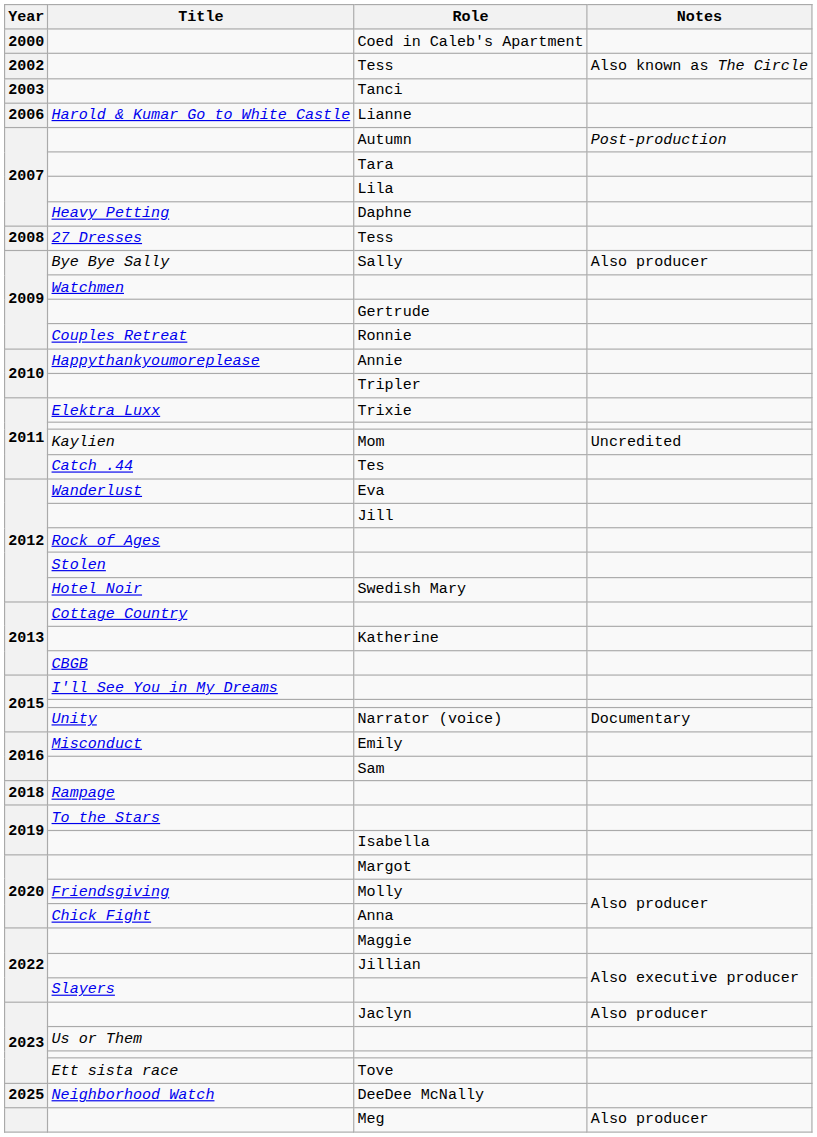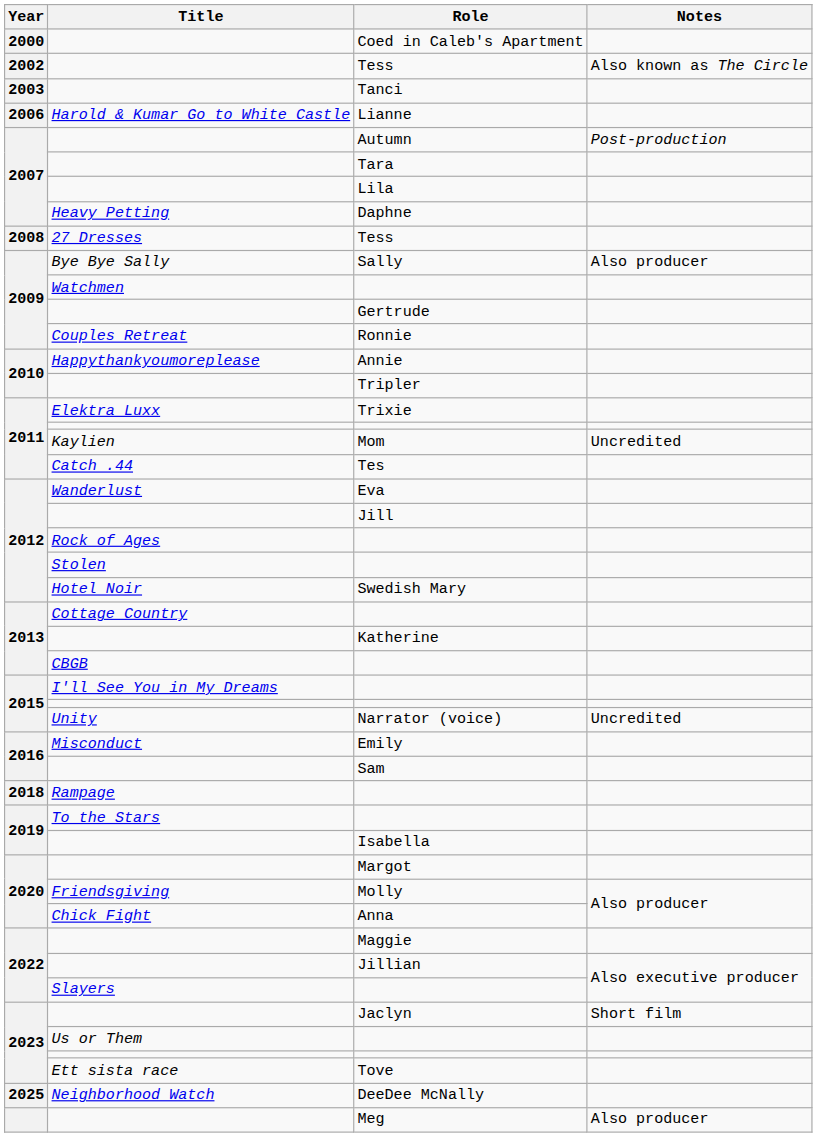 <table class="wikitable plainrowheaders sortable">
 <tr>
 <th scope="col">Year</th>
 <th scope="col">Title</th>
 <th scope="col">Role</th>
 <th scope="col" class="unsortable">Notes</th>
 </tr>
 <tr>
 <th scope=row>2000</th>
 <td><em></em></td>
 <td>Coed in Caleb's Apartment</td>
 <td></td>
 </tr>
 <tr>
 <th scope=row>2002</th>
 <td><em></em></td>
 <td>Tess</td>
 <td>Also known as <em>The Circle</em></td>
 </tr>
 <tr>
 <th scope=row>2003</th>
 <td><em></em></td>
 <td>Tanci</td>
 <td></td>
 </tr>
 <tr>
 <th scope=row>2006</th>
 <td><em><a href='#'>Harold & Kumar Go to White Castle</a></em></td>
 <td>Lianne</td>
 <td></td>
 </tr>
 <tr>
 <th scope="row" rowspan="4">2007</th>
 <td><em></em></td>
 <td>Autumn</td>
 <td><em>Post-production</em></td>
 </tr>
 <tr>
 <td><em></em></td>
 <td>Tara</td>
 <td></td>
 </tr>
 <tr>
 <td><em></em></td>
 <td>Lila</td>
 <td></td>
 </tr>
 <tr>
 <td><em><a href='#'>Heavy Petting</a></em></td>
 <td>Daphne</td>
 <td></td>
 </tr>
 <tr>
 <th scope="row">2008</th>
 <td><em><a href='#'>27 Dresses</a></em></td>
 <td>Tess</td>
 <td></td>
 </tr>
 <tr>
 <th scope="row" rowspan="4">2009</th>
 <td><em>Bye Bye Sally</em></td>
 <td>Sally</td>
 <td>Also producer</td>
 </tr>
 <tr>
 <td><em><a href='#'>Watchmen</a></em></td>
 <td></td>
 <td></td>
 </tr>
 <tr>
 <td><em></em></td>
 <td>Gertrude</td>
 <td></td>
 </tr>
 <tr>
 <td><em><a href='#'>Couples Retreat</a></em></td>
 <td>Ronnie</td>
 <td></td>
 </tr>
 <tr>
 <th scope="row" rowspan="2">2010</th>
 <td><em><a href='#'>Happythankyoumoreplease</a></em></td>
 <td>Annie</td>
 <td></td>
 </tr>
 <tr>
 <td><em></em></td>
 <td>Tripler</td>
 <td></td>
 </tr>
 <tr>
 <th scope="row" rowspan="4">2011</th>
 <td><em><a href='#'>Elektra Luxx</a></em></td>
 <td>Trixie</td>
 <td></td>
 </tr>
 <tr>
 <td><em></em></td>
 <td></td>
 <td></td>
 </tr>
 <tr>
 <td><em>Kaylien</em></td>
 <td>Mom</td>
 <td>Uncredited</td>
 </tr>
 <tr>
 <td><em><a href='#'>Catch .44</a></em></td>
 <td>Tes</td>
 <td></td>
 </tr>
 <tr>
 <th scope="row" rowspan="5">2012</th>
 <td><em><a href='#'>Wanderlust</a></em></td>
 <td>Eva</td>
 <td></td>
 </tr>
 <tr>
 <td><em></em></td>
 <td>Jill</td>
 <td></td>
 </tr>
 <tr>
 <td><em><a href='#'>Rock of Ages</a></em></td>
 <td></td>
 <td></td>
 </tr>
 <tr>
 <td><em><a href='#'>Stolen</a></em></td>
 <td></td>
 <td></td>
 </tr>
 <tr>
 <td><em><a href='#'>Hotel Noir</a></em></td>
 <td>Swedish Mary</td>
 <td></td>
 </tr>
 <tr>
 <th scope="row" rowspan="3">2013</th>
 <td><em><a href='#'>Cottage Country</a></em></td>
 <td></td>
 <td></td>
 </tr>
 <tr>
 <td><em></em></td>
 <td>Katherine</td>
 <td></td>
 </tr>
 <tr>
 <td><em><a href='#'>CBGB</a></em></td>
 <td></td>
 <td></td>
 </tr>
 <tr>
 <th scope="row" rowspan="3">2015</th>
 <td><em><a href='#'>I'll See You in My Dreams</a></em></td>
 <td></td>
 <td></td>
 </tr>
 <tr>
 <td><em></em></td>
 <td></td>
 <td></td>
 </tr>
 <tr>
 <td><em><a href='#'>Unity</a></em></td>
 <td>Narrator (voice)</td>
-<td>Documentary</td>
+<td>Uncredited</td>
 </tr>
 <tr>
 <th scope="row" rowspan="2">2016</th>
 <td><em><a href='#'>Misconduct</a></em></td>
 <td>Emily</td>
 <td></td>
 </tr>
 <tr>
 <td><em></em></td>
 <td>Sam</td>
 <td></td>
 </tr>
 <tr>
 <th scope="row">2018</th>
 <td><em><a href='#'>Rampage</a></em></td>
 <td></td>
 <td></td>
 </tr>
 <tr>
 <th scope="row" rowspan="2">2019</th>
 <td><em><a href='#'>To the Stars</a></em></td>
 <td></td>
 <td></td>
 </tr>
 <tr>
 <td><em></em></td>
 <td>Isabella</td>
 <td></td>
 </tr>
 <tr>
 <th scope="row" rowspan="3">2020</th>
 <td><em></em></td>
 <td>Margot</td>
 <td></td>
 </tr>
 <tr>
 <td><em><a href='#'>Friendsgiving</a></em></td>
 <td>Molly</td>
 <td rowspan=2>Also producer</td>
 </tr>
 <tr>
 <td><em><a href='#'>Chick Fight</a></em></td>
 <td>Anna</td>
 </tr>
 <tr>
 <th scope="row" rowspan="3">2022</th>
 <td><em></em></td>
 <td>Maggie</td>
 <td></td>
 </tr>
 <tr>
 <td><em></em></td>
 <td>Jillian</td>
 <td rowspan=2>Also executive producer</td>
 </tr>
 <tr>
 <td><em><a href='#'>Slayers</a></em></td>
 <td></td>
 </tr>
 <tr>
 <th scope="row" rowspan="4">2023</th>
 <td><em></em></td>
 <td>Jaclyn</td>
-<td>Also producer</td>
+<td>Short film</td>
 </tr>
 <tr>
 <td><em>Us or Them</em></td>
 <td></td>
 <td></td>
 </tr>
 <tr>
 <td><em></em></td>
 <td></td>
 <td></td>
 </tr>
 <tr>
 <td><em>Ett sista race</em></td>
 <td>Tove</td>
 <td></td>
 </tr>
 <tr>
 <th scope=row>2025</th>
 <td><em><a href='#'>Neighborhood Watch</a></em></td>
 <td>DeeDee McNally</td>
 <td></td>
 </tr>
 <tr>
 <th scope="row"></th>
 <td></td>
 <td>Meg</td>
 <td>Also producer</td>
 </tr>
 </table>
